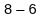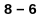 <table style="text-align:center">
 <tr>
 <th width=200></th>
 <th width=100></th>
 <th width=200></th>
 </tr>
 <tr>
 <td align=right><strong></strong></td>
-<td>8 – 6</td>
+<td><strong>8 – 6</strong></td>
 <td align=left></td>
 </tr>
 </table>
